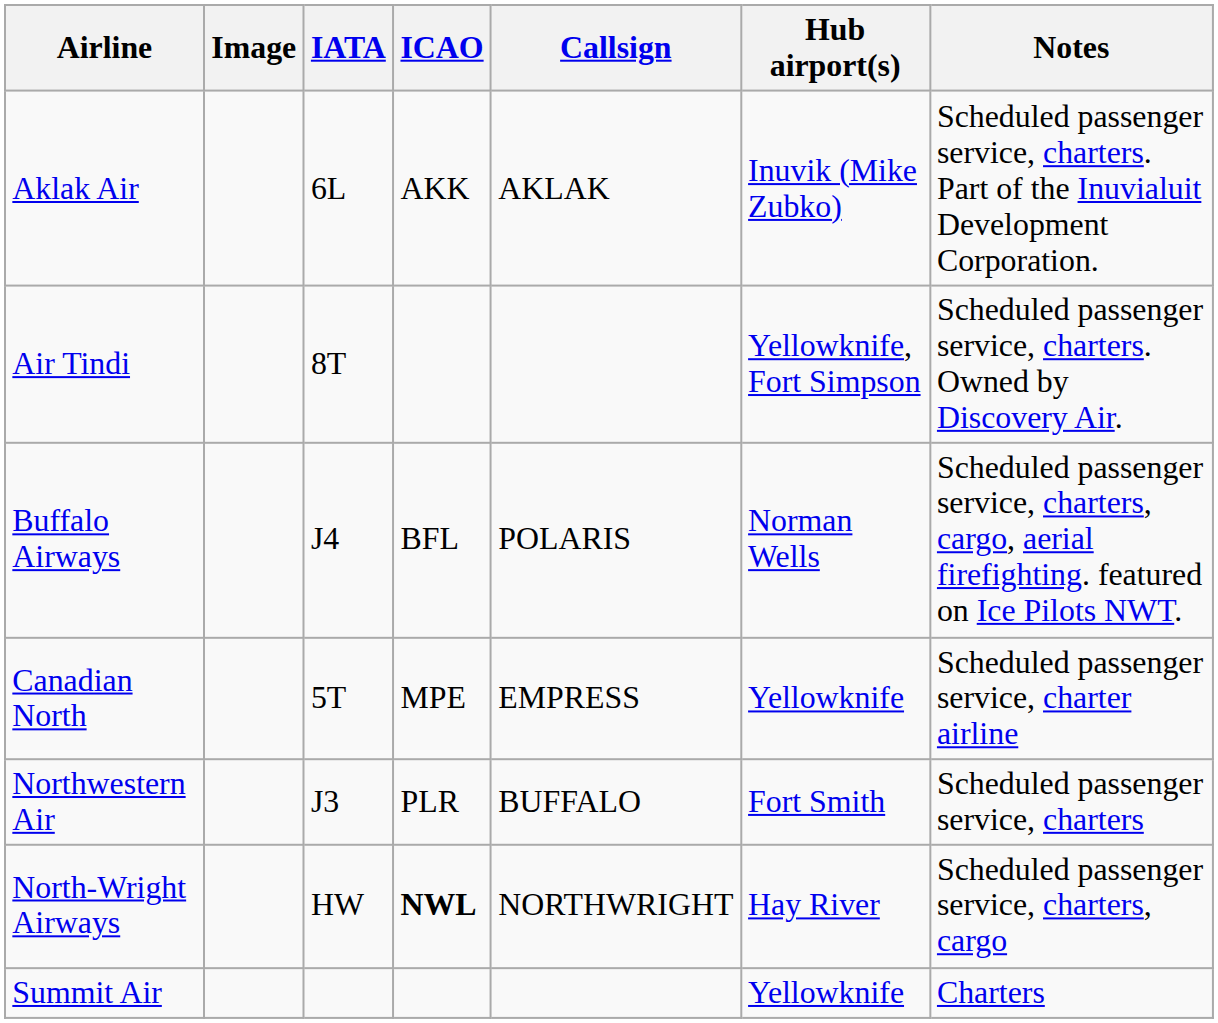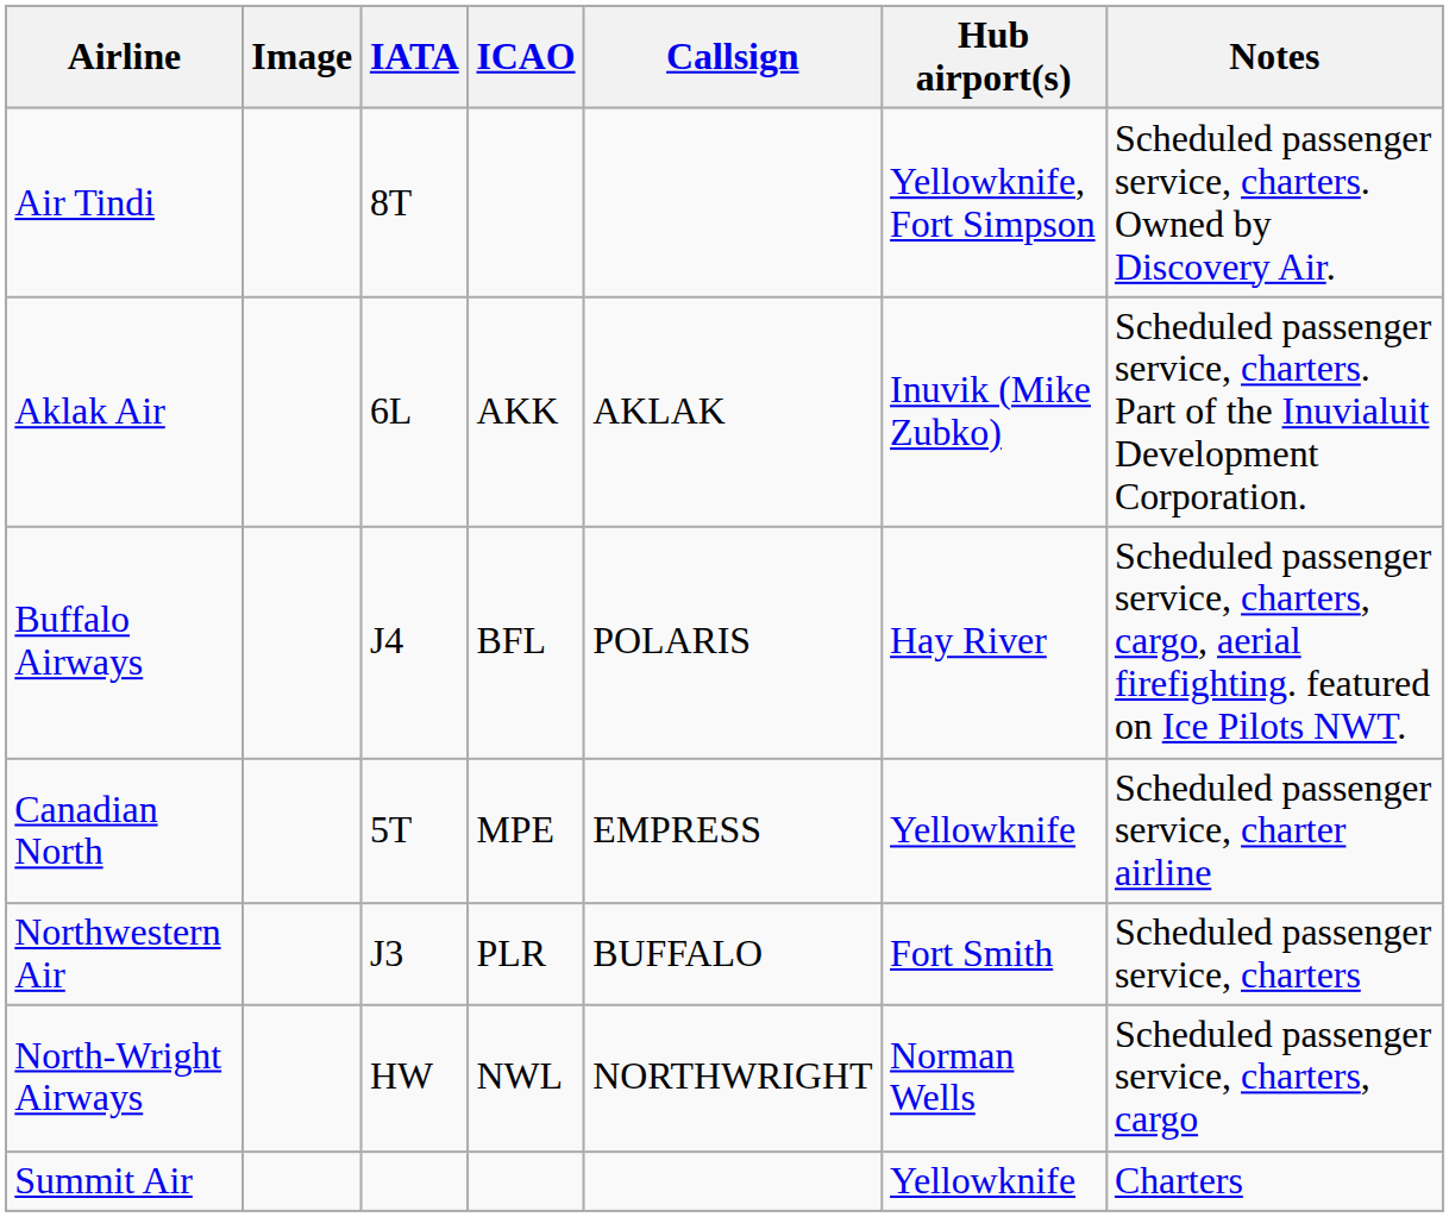 <table class="wikitable sortable" style="border: 0; cellpadding: 2; cellspacing: 3;">
 <tr valign="middle">
 <th>Airline</th>
 <th>Image</th>
 <th><a href='#'>IATA</a></th>
 <th><a href='#'>ICAO</a></th>
 <th><a href='#'>Callsign</a></th>
 <th>Hub airport(s)</th>
 <th class="unsortable">Notes</th>
 </tr>
 <tr>
+<td><a href='#'>Air Tindi</a></td>
+<td></td>
+<td>8T</td>
+<td></td>
+<td></td>
+<td><a href='#'>Yellowknife</a>,<br><a href='#'>Fort Simpson</a></td>
+<td>Scheduled passenger service, <a href='#'>charters</a>. Owned by <a href='#'>Discovery Air</a>.</td>
+</tr>
+<tr>
 <td><a href='#'>Aklak Air</a></td>
 <td></td>
 <td>6L</td>
 <td>AKK</td>
 <td>AKLAK</td>
 <td><a href='#'>Inuvik (Mike Zubko)</a></td>
 <td>Scheduled passenger service, <a href='#'>charters</a>. Part of the <a href='#'>Inuvialuit</a> Development Corporation.</td>
 </tr>
 <tr>
-<td><a href='#'>Air Tindi</a></td>
-<td></td>
-<td>8T</td>
-<td></td>
-<td></td>
-<td><a href='#'>Yellowknife</a>,<br><a href='#'>Fort Simpson</a></td>
-<td>Scheduled passenger service, <a href='#'>charters</a>. Owned by <a href='#'>Discovery Air</a>.</td>
-</tr>
-<tr>
 <td><a href='#'>Buffalo Airways</a></td>
 <td></td>
 <td>J4</td>
 <td>BFL</td>
 <td>POLARIS</td>
-<td><a href='#'>Norman Wells</a></td>
+<td><a href='#'>Hay River</a></td>
 <td>Scheduled passenger service, <a href='#'>charters</a>, <a href='#'>cargo</a>, <a href='#'>aerial firefighting</a>. featured on <a href='#'>Ice Pilots NWT</a>.</td>
 </tr>
 <tr>
 <td><a href='#'>Canadian North</a></td>
 <td></td>
 <td>5T</td>
 <td>MPE</td>
 <td>EMPRESS</td>
 <td><a href='#'>Yellowknife</a></td>
 <td>Scheduled passenger service, <a href='#'>charter airline</a></td>
 </tr>
 <tr>
 <td><a href='#'>Northwestern Air</a></td>
 <td></td>
 <td>J3</td>
 <td>PLR</td>
 <td>BUFFALO</td>
 <td><a href='#'>Fort Smith</a></td>
 <td>Scheduled passenger service, <a href='#'>charters</a></td>
 </tr>
 <tr>
 <td><a href='#'>North-Wright Airways</a></td>
 <td></td>
 <td>HW</td>
-<td><strong>NWL</strong></td>
+<td>NWL</td>
 <td>NORTHWRIGHT</td>
-<td><a href='#'>Hay River</a></td>
+<td><a href='#'>Norman Wells</a></td>
 <td>Scheduled passenger service, <a href='#'>charters</a>, <a href='#'>cargo</a></td>
 </tr>
 <tr>
 <td><a href='#'>Summit Air</a></td>
 <td></td>
 <td></td>
 <td></td>
 <td></td>
 <td><a href='#'>Yellowknife</a></td>
 <td><a href='#'>Charters</a></td>
 </tr>
 </table>
